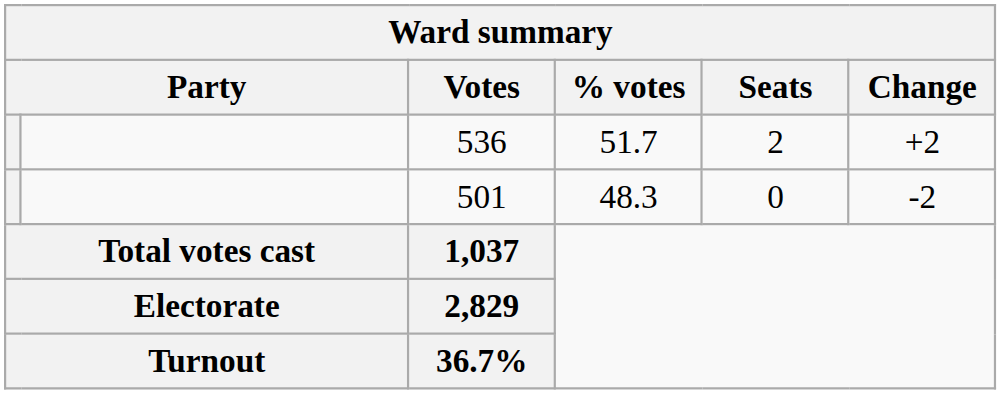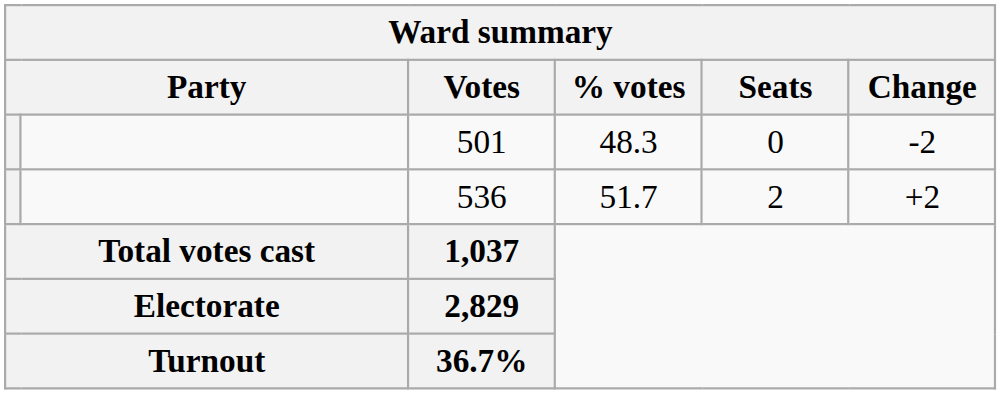 <table class="wikitable" style="font-size: 95%;">
 <tr style="background-color:#E9E9E9">
 <th colspan="6">Ward summary</th>
 </tr>
 <tr style="background-color:#E9E9E9">
 <th colspan="2">Party</th>
 <th style="width: 60px">Votes</th>
 <th style="width: 60px">% votes</th>
 <th style="width: 60px">Seats</th>
 <th style="width: 60px">Change</th>
 </tr>
 <tr>
 <th style="background-color: "></th>
 <td style="width: 170px"><a href='#'></a></td>
+<td align="center">501</td>
+<td align="center">48.3</td>
+<td align="center">0</td>
+<td align="center">-2</td>
+</tr>
+<tr>
+<th style="background-color: "></th>
+<td style="width: 170px"><a href='#'></a></td>
 <td align="center">536</td>
 <td align="center">51.7</td>
 <td align="center">2</td>
 <td align="center">+2</td>
-</tr>
-<tr>
-<th style="background-color: "></th>
-<td style="width: 170px"><a href='#'></a></td>
-<td align="center">501</td>
-<td align="center">48.3</td>
-<td align="center">0</td>
-<td align="center">-2</td>
 </tr>
 <tr style="background-color:#E9E9E9">
 <th colspan="2">Total votes cast</th>
 <th style="width: 60px">1,037</th>
 </tr>
 <tr style="backgr5ound-color:#E9E9E9">
 <th colspan="2">Electorate</th>
 <th style="width: 60px">2,829</th>
 </tr>
 <tr style="background-color:#E9E9E9">
 <th colspan="2">Turnout</th>
 <th style="width: 60px">36.7%</th>
 </tr>
 </table>
